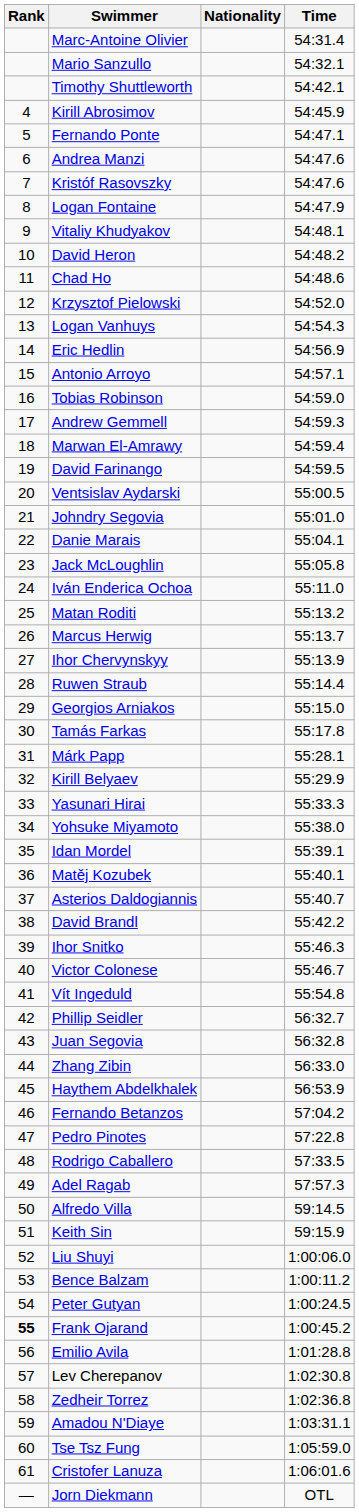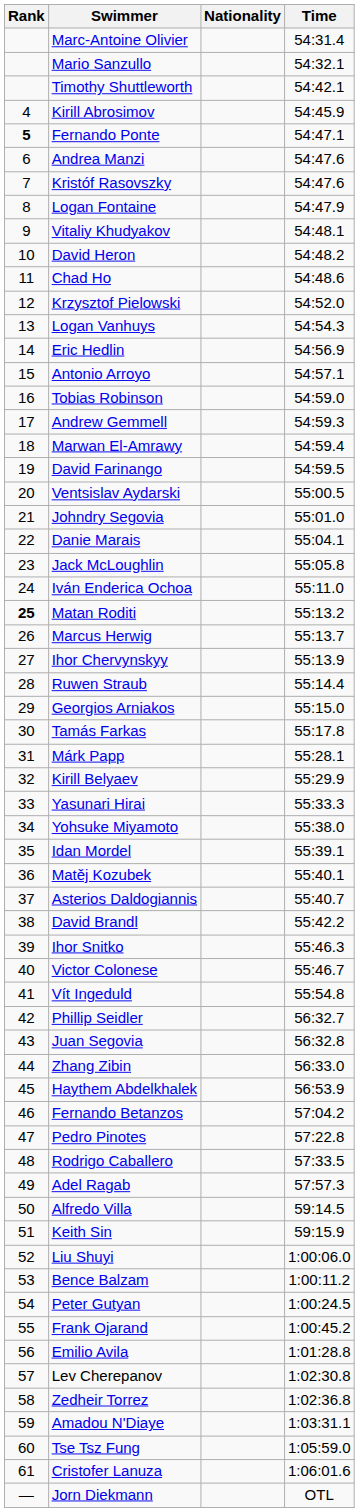 <table class="wikitable sortable" border="1" style="text-align:center">
 <tr>
 <th>Rank</th>
 <th>Swimmer</th>
 <th>Nationality</th>
 <th>Time</th>
 </tr>
 <tr>
 <td></td>
 <td align=left><a href='#'>Marc-Antoine Olivier</a></td>
 <td align=left></td>
 <td>54:31.4</td>
 </tr>
 <tr>
 <td></td>
 <td align=left><a href='#'>Mario Sanzullo</a></td>
 <td align=left></td>
 <td>54:32.1</td>
 </tr>
 <tr>
 <td></td>
 <td align=left><a href='#'>Timothy Shuttleworth</a></td>
 <td align=left></td>
 <td>54:42.1</td>
 </tr>
 <tr>
 <td>4</td>
 <td align=left><a href='#'>Kirill Abrosimov</a></td>
 <td align=left></td>
 <td>54:45.9</td>
 </tr>
 <tr>
-<td>5</td>
+<td><strong>5</strong></td>
 <td align=left><a href='#'>Fernando Ponte</a></td>
 <td align=left></td>
 <td>54:47.1</td>
 </tr>
 <tr>
 <td>6</td>
 <td align=left><a href='#'>Andrea Manzi</a></td>
 <td align=left></td>
 <td>54:47.6</td>
 </tr>
 <tr>
 <td>7</td>
 <td align=left><a href='#'>Kristóf Rasovszky</a></td>
 <td align=left></td>
 <td>54:47.6</td>
 </tr>
 <tr>
 <td>8</td>
 <td align=left><a href='#'>Logan Fontaine</a></td>
 <td align=left></td>
 <td>54:47.9</td>
 </tr>
 <tr>
 <td>9</td>
 <td align=left><a href='#'>Vitaliy Khudyakov</a></td>
 <td align=left></td>
 <td>54:48.1</td>
 </tr>
 <tr>
 <td>10</td>
 <td align=left><a href='#'>David Heron</a></td>
 <td align=left></td>
 <td>54:48.2</td>
 </tr>
 <tr>
 <td>11</td>
 <td align=left><a href='#'>Chad Ho</a></td>
 <td align=left></td>
 <td>54:48.6</td>
 </tr>
 <tr>
 <td>12</td>
 <td align=left><a href='#'>Krzysztof Pielowski</a></td>
 <td align=left></td>
 <td>54:52.0</td>
 </tr>
 <tr>
 <td>13</td>
 <td align=left><a href='#'>Logan Vanhuys</a></td>
 <td align=left></td>
 <td>54:54.3</td>
 </tr>
 <tr>
 <td>14</td>
 <td align=left><a href='#'>Eric Hedlin</a></td>
 <td align=left></td>
 <td>54:56.9</td>
 </tr>
 <tr>
 <td>15</td>
 <td align=left><a href='#'>Antonio Arroyo</a></td>
 <td align=left></td>
 <td>54:57.1</td>
 </tr>
 <tr>
 <td>16</td>
 <td align=left><a href='#'>Tobias Robinson</a></td>
 <td align=left></td>
 <td>54:59.0</td>
 </tr>
 <tr>
 <td>17</td>
 <td align=left><a href='#'>Andrew Gemmell</a></td>
 <td align=left></td>
 <td>54:59.3</td>
 </tr>
 <tr>
 <td>18</td>
 <td align=left><a href='#'>Marwan El-Amrawy</a></td>
 <td align=left></td>
 <td>54:59.4</td>
 </tr>
 <tr>
 <td>19</td>
 <td align=left><a href='#'>David Farinango</a></td>
 <td align=left></td>
 <td>54:59.5</td>
 </tr>
 <tr>
 <td>20</td>
 <td align=left><a href='#'>Ventsislav Aydarski</a></td>
 <td align=left></td>
 <td>55:00.5</td>
 </tr>
 <tr>
 <td>21</td>
 <td align=left><a href='#'>Johndry Segovia</a></td>
 <td align=left></td>
 <td>55:01.0</td>
 </tr>
 <tr>
 <td>22</td>
 <td align=left><a href='#'>Danie Marais</a></td>
 <td align=left></td>
 <td>55:04.1</td>
 </tr>
 <tr>
 <td>23</td>
 <td align=left><a href='#'>Jack McLoughlin</a></td>
 <td align=left></td>
 <td>55:05.8</td>
 </tr>
 <tr>
 <td>24</td>
 <td align=left><a href='#'>Iván Enderica Ochoa</a></td>
 <td align=left></td>
 <td>55:11.0</td>
 </tr>
 <tr>
-<td>25</td>
+<td><strong>25</strong></td>
 <td align=left><a href='#'>Matan Roditi</a></td>
 <td align=left></td>
 <td>55:13.2</td>
 </tr>
 <tr>
 <td>26</td>
 <td align=left><a href='#'>Marcus Herwig</a></td>
 <td align=left></td>
 <td>55:13.7</td>
 </tr>
 <tr>
 <td>27</td>
 <td align=left><a href='#'>Ihor Chervynskyy</a></td>
 <td align=left></td>
 <td>55:13.9</td>
 </tr>
 <tr>
 <td>28</td>
 <td align=left><a href='#'>Ruwen Straub</a></td>
 <td align=left></td>
 <td>55:14.4</td>
 </tr>
 <tr>
 <td>29</td>
 <td align=left><a href='#'>Georgios Arniakos</a></td>
 <td align=left></td>
 <td>55:15.0</td>
 </tr>
 <tr>
 <td>30</td>
 <td align=left><a href='#'>Tamás Farkas</a></td>
 <td align=left></td>
 <td>55:17.8</td>
 </tr>
 <tr>
 <td>31</td>
 <td align=left><a href='#'>Márk Papp</a></td>
 <td align=left></td>
 <td>55:28.1</td>
 </tr>
 <tr>
 <td>32</td>
 <td align=left><a href='#'>Kirill Belyaev</a></td>
 <td align=left></td>
 <td>55:29.9</td>
 </tr>
 <tr>
 <td>33</td>
 <td align=left><a href='#'>Yasunari Hirai</a></td>
 <td align=left></td>
 <td>55:33.3</td>
 </tr>
 <tr>
 <td>34</td>
 <td align=left><a href='#'>Yohsuke Miyamoto</a></td>
 <td align=left></td>
 <td>55:38.0</td>
 </tr>
 <tr>
 <td>35</td>
 <td align=left><a href='#'>Idan Mordel</a></td>
 <td align=left></td>
 <td>55:39.1</td>
 </tr>
 <tr>
 <td>36</td>
 <td align=left><a href='#'>Matěj Kozubek</a></td>
 <td align=left></td>
 <td>55:40.1</td>
 </tr>
 <tr>
 <td>37</td>
 <td align=left><a href='#'>Asterios Daldogiannis</a></td>
 <td align=left></td>
 <td>55:40.7</td>
 </tr>
 <tr>
 <td>38</td>
 <td align=left><a href='#'>David Brandl</a></td>
 <td align=left></td>
 <td>55:42.2</td>
 </tr>
 <tr>
 <td>39</td>
 <td align=left><a href='#'>Ihor Snitko</a></td>
 <td align=left></td>
 <td>55:46.3</td>
 </tr>
 <tr>
 <td>40</td>
 <td align=left><a href='#'>Victor Colonese</a></td>
 <td align=left></td>
 <td>55:46.7</td>
 </tr>
 <tr>
 <td>41</td>
 <td align=left><a href='#'>Vít Ingeduld</a></td>
 <td align=left></td>
 <td>55:54.8</td>
 </tr>
 <tr>
 <td>42</td>
 <td align=left><a href='#'>Phillip Seidler</a></td>
 <td align=left></td>
 <td>56:32.7</td>
 </tr>
 <tr>
 <td>43</td>
 <td align=left><a href='#'>Juan Segovia</a></td>
 <td align=left></td>
 <td>56:32.8</td>
 </tr>
 <tr>
 <td>44</td>
 <td align=left><a href='#'>Zhang Zibin</a></td>
 <td align=left></td>
 <td>56:33.0</td>
 </tr>
 <tr>
 <td>45</td>
 <td align=left><a href='#'>Haythem Abdelkhalek</a></td>
 <td align=left></td>
 <td>56:53.9</td>
 </tr>
 <tr>
 <td>46</td>
 <td align=left><a href='#'>Fernando Betanzos</a></td>
 <td align=left></td>
 <td>57:04.2</td>
 </tr>
 <tr>
 <td>47</td>
 <td align=left><a href='#'>Pedro Pinotes</a></td>
 <td align=left></td>
 <td>57:22.8</td>
 </tr>
 <tr>
 <td>48</td>
 <td align=left><a href='#'>Rodrigo Caballero</a></td>
 <td align=left></td>
 <td>57:33.5</td>
 </tr>
 <tr>
 <td>49</td>
 <td align=left><a href='#'>Adel Ragab</a></td>
 <td align=left></td>
 <td>57:57.3</td>
 </tr>
 <tr>
 <td>50</td>
 <td align=left><a href='#'>Alfredo Villa</a></td>
 <td align=left></td>
 <td>59:14.5</td>
 </tr>
 <tr>
 <td>51</td>
 <td align=left><a href='#'>Keith Sin</a></td>
 <td align=left></td>
 <td>59:15.9</td>
 </tr>
 <tr>
 <td>52</td>
 <td align=left><a href='#'>Liu Shuyi</a></td>
 <td align=left></td>
 <td>1:00:06.0</td>
 </tr>
 <tr>
 <td>53</td>
 <td align=left><a href='#'>Bence Balzam</a></td>
 <td align=left></td>
 <td>1:00:11.2</td>
 </tr>
 <tr>
 <td>54</td>
 <td align=left><a href='#'>Peter Gutyan</a></td>
 <td align=left></td>
 <td>1:00:24.5</td>
 </tr>
 <tr>
-<td><strong>55</strong></td>
+<td>55</td>
 <td align=left><a href='#'>Frank Ojarand</a></td>
 <td align=left></td>
 <td>1:00:45.2</td>
 </tr>
 <tr>
 <td>56</td>
 <td align=left><a href='#'>Emilio Avila</a></td>
 <td align=left></td>
 <td>1:01:28.8</td>
 </tr>
 <tr>
 <td>57</td>
 <td align=left>Lev Cherepanov</td>
 <td align=left></td>
 <td>1:02:30.8</td>
 </tr>
 <tr>
 <td>58</td>
 <td align=left><a href='#'>Zedheir Torrez</a></td>
 <td align=left></td>
 <td>1:02:36.8</td>
 </tr>
 <tr>
 <td>59</td>
 <td align=left><a href='#'>Amadou N'Diaye</a></td>
 <td align=left></td>
 <td>1:03:31.1</td>
 </tr>
 <tr>
 <td>60</td>
 <td align=left><a href='#'>Tse Tsz Fung</a></td>
 <td align=left></td>
 <td>1:05:59.0</td>
 </tr>
 <tr>
 <td>61</td>
 <td align=left><a href='#'>Cristofer Lanuza</a></td>
 <td align=left></td>
 <td>1:06:01.6</td>
 </tr>
 <tr>
 <td>—</td>
 <td align=left><a href='#'>Jorn Diekmann</a></td>
 <td align=left></td>
 <td>OTL</td>
 </tr>
 </table>
